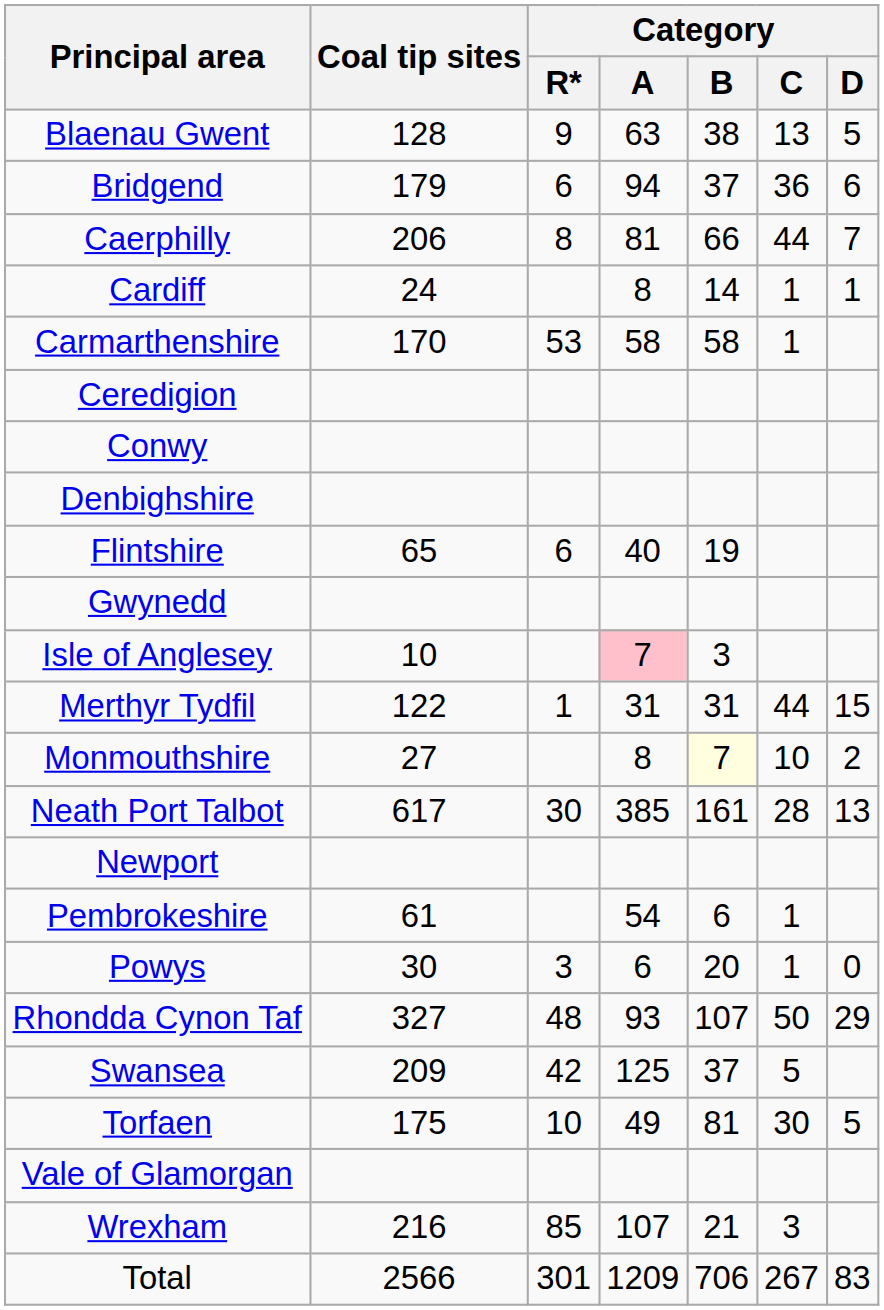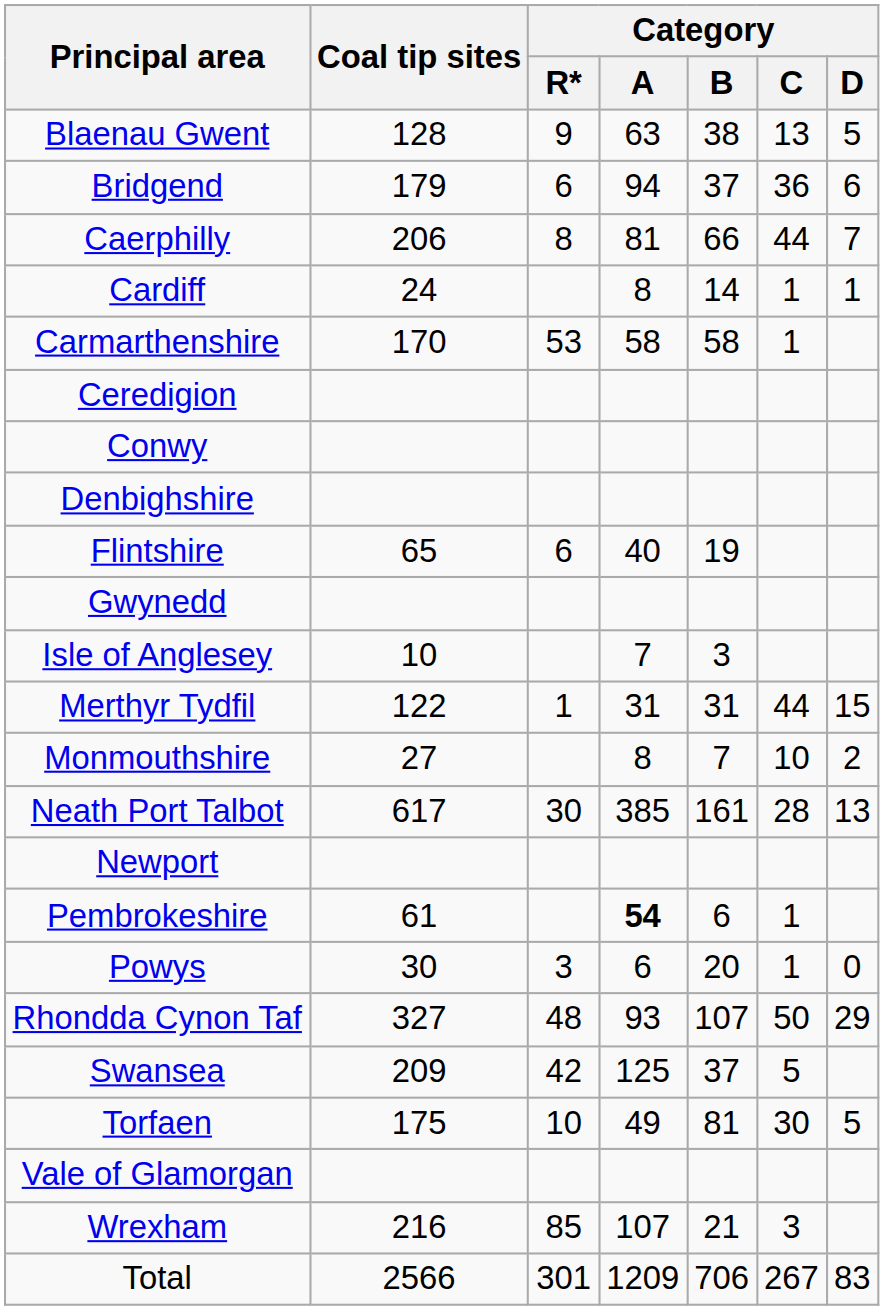 <table class="wikitable sortable" style="text-align:center">
 <tr>
 <th rowspan="2">Principal area</th>
 <th rowspan="2">Coal tip sites</th>
 <th colspan="5">Category</th>
 </tr>
 <tr>
 <th>R*</th>
 <th>A</th>
 <th>B</th>
 <th>C</th>
 <th>D</th>
 </tr>
 <tr>
 <td><a href='#'>Blaenau Gwent</a></td>
 <td>128</td>
 <td>9</td>
 <td>63</td>
 <td>38</td>
 <td>13</td>
 <td>5</td>
 </tr>
 <tr>
 <td><a href='#'>Bridgend</a></td>
 <td>179</td>
 <td>6</td>
 <td>94</td>
 <td>37</td>
 <td>36</td>
 <td>6</td>
 </tr>
 <tr>
 <td><a href='#'>Caerphilly</a></td>
 <td>206</td>
 <td>8</td>
 <td>81</td>
 <td>66</td>
 <td>44</td>
 <td>7</td>
 </tr>
 <tr>
 <td><a href='#'>Cardiff</a></td>
 <td>24</td>
 <td></td>
 <td>8</td>
 <td>14</td>
 <td>1</td>
 <td>1</td>
 </tr>
 <tr>
 <td><a href='#'>Carmarthenshire</a></td>
 <td>170</td>
 <td>53</td>
 <td>58</td>
 <td>58</td>
 <td>1</td>
 <td></td>
 </tr>
 <tr>
 <td><a href='#'>Ceredigion</a></td>
 <td></td>
 <td></td>
 <td></td>
 <td></td>
 <td></td>
 <td></td>
 </tr>
 <tr>
 <td><a href='#'>Conwy</a></td>
 <td></td>
 <td></td>
 <td></td>
 <td></td>
 <td></td>
 <td></td>
 </tr>
 <tr>
 <td><a href='#'>Denbighshire</a></td>
 <td></td>
 <td></td>
 <td></td>
 <td></td>
 <td></td>
 <td></td>
 </tr>
 <tr>
 <td><a href='#'>Flintshire</a></td>
 <td>65</td>
 <td>6</td>
 <td>40</td>
 <td>19</td>
 <td></td>
 <td></td>
 </tr>
 <tr>
 <td><a href='#'>Gwynedd</a></td>
 <td></td>
 <td></td>
 <td></td>
 <td></td>
 <td></td>
 <td></td>
 </tr>
 <tr>
 <td><a href='#'>Isle of Anglesey</a></td>
 <td>10</td>
 <td></td>
-<td style="background: pink;">7</td>
+<td>7</td>
 <td>3</td>
 <td></td>
 <td></td>
 </tr>
 <tr>
 <td><a href='#'>Merthyr Tydfil</a></td>
 <td>122</td>
 <td>1</td>
 <td>31</td>
 <td>31</td>
 <td>44</td>
 <td>15</td>
 </tr>
 <tr>
 <td><a href='#'>Monmouthshire</a></td>
 <td>27</td>
 <td></td>
 <td>8</td>
-<td style="background: lightyellow;">7</td>
+<td>7</td>
 <td>10</td>
 <td>2</td>
 </tr>
 <tr>
 <td><a href='#'>Neath Port Talbot</a></td>
 <td>617</td>
 <td>30</td>
 <td>385</td>
 <td>161</td>
 <td>28</td>
 <td>13</td>
 </tr>
 <tr>
 <td><a href='#'>Newport</a></td>
 <td></td>
 <td></td>
 <td></td>
 <td></td>
 <td></td>
 <td></td>
 </tr>
 <tr>
 <td><a href='#'>Pembrokeshire</a></td>
 <td>61</td>
 <td></td>
-<td>54</td>
+<td><strong>54</strong></td>
 <td>6</td>
 <td>1</td>
 <td></td>
 </tr>
 <tr>
 <td><a href='#'>Powys</a></td>
 <td>30</td>
 <td>3</td>
 <td>6</td>
 <td>20</td>
 <td>1</td>
 <td>0</td>
 </tr>
 <tr>
 <td><a href='#'>Rhondda Cynon Taf</a></td>
 <td>327</td>
 <td>48</td>
 <td>93</td>
 <td>107</td>
 <td>50</td>
 <td>29</td>
 </tr>
 <tr>
 <td><a href='#'>Swansea</a></td>
 <td>209</td>
 <td>42</td>
 <td>125</td>
 <td>37</td>
 <td>5</td>
 <td></td>
 </tr>
 <tr>
 <td><a href='#'>Torfaen</a></td>
 <td>175</td>
 <td>10</td>
 <td>49</td>
 <td>81</td>
 <td>30</td>
 <td>5</td>
 </tr>
 <tr>
 <td><a href='#'>Vale of Glamorgan</a></td>
 <td></td>
 <td></td>
 <td></td>
 <td></td>
 <td></td>
 <td></td>
 </tr>
 <tr>
 <td><a href='#'>Wrexham</a></td>
 <td>216</td>
 <td>85</td>
 <td>107</td>
 <td>21</td>
 <td>3</td>
 <td></td>
 </tr>
 <tr class="sortbottom">
 <td>Total</td>
 <td>2566</td>
 <td>301</td>
 <td>1209</td>
 <td>706</td>
 <td>267</td>
 <td>83</td>
 </tr>
 </table>
